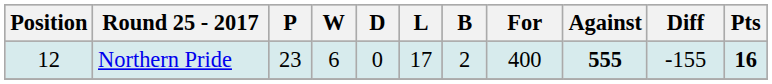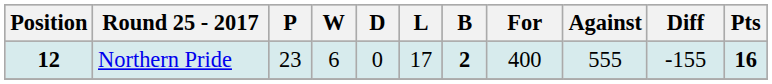 <table class="wikitable" style="text-align:center; font-size:85%;">
 <tr>
 <th width=40 abbr="Position">Position</th>
 <th width=100>Round 25 - 2017</th>
 <th width=20 abbr="Played">P</th>
 <th width=20 abbr="Won">W</th>
 <th width=20 abbr="Drawn">D</th>
 <th width=20 abbr="Lost">L</th>
 <th width=20 abbr="Bye">B</th>
 <th width=40 abbr="Points for">For</th>
 <th width=40 abbr="Points against">Against</th>
 <th width=40 abbr="Points difference">Diff</th>
 <th width=20 abbr="Points">Pts</th>
 </tr>
 <tr style="background: #d7ebed;">
-<td>12</td>
+<td><strong>12</strong></td>
 <td style="text-align:left;"> <a href='#'>Northern Pride</a></td>
 <td>23</td>
 <td>6</td>
 <td>0</td>
 <td>17</td>
-<td>2</td>
+<td><strong>2</strong></td>
 <td>400</td>
-<td><strong>555</strong></td>
+<td>555</td>
 <td>-155</td>
 <td><strong>16</strong></td>
 </tr>
 <tr>
 </tr>
 </table>
